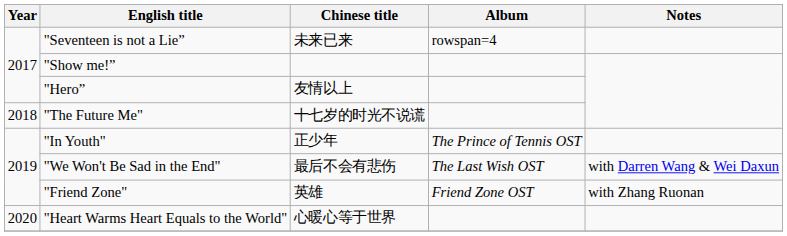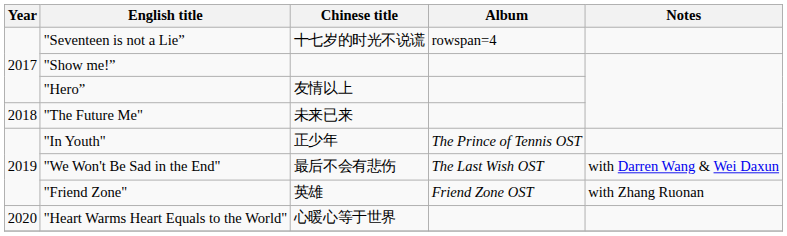 <table class="wikitable">
 <tr>
 <th>Year</th>
 <th>English title</th>
 <th>Chinese title</th>
 <th>Album</th>
 <th>Notes</th>
 </tr>
 <tr>
 <td rowspan=3>2017</td>
 <td>"Seventeen is not a Lie”</td>
-<td>未来已来</td>
+<td>十七岁的时光不说谎</td>
 <td>rowspan=4 </td>
 <td></td>
 </tr>
 <tr>
 <td>"Show me!”</td>
 <td></td>
 <td></td>
 </tr>
 <tr>
 <td>"Hero”</td>
 <td>友情以上</td>
 <td></td>
 </tr>
 <tr>
 <td>2018</td>
 <td>"The Future Me"</td>
-<td>十七岁的时光不说谎</td>
+<td>未来已来</td>
 <td></td>
 </tr>
 <tr>
 <td rowspan=3>2019</td>
 <td>"In Youth"</td>
 <td>正少年</td>
 <td><em>The Prince of Tennis OST</em></td>
 <td></td>
 </tr>
 <tr>
 <td>"We Won't Be Sad in the End"</td>
 <td>最后不会有悲伤</td>
 <td><em>The Last Wish OST</em></td>
 <td>with <a href='#'>Darren Wang</a> & <a href='#'>Wei Daxun</a></td>
 </tr>
 <tr>
 <td>"Friend Zone"</td>
 <td>英雄</td>
 <td><em>Friend Zone OST</em></td>
 <td>with Zhang Ruonan</td>
 </tr>
 <tr>
 <td>2020</td>
 <td>"Heart Warms Heart Equals to the World"</td>
 <td>心暖心等于世界</td>
 <td></td>
 <td></td>
 </tr>
 <tr>
 </tr>
 </table>
